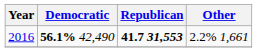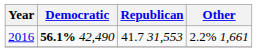 <table class="wikitable" style="float:center; margin:1em; font-size:95%;">
 <tr>
 <th>Year</th>
 <th><a href='#'>Democratic</a></th>
 <th><a href='#'>Republican</a></th>
 <th><a href='#'>Other</a></th>
 </tr>
 <tr>
 <td align="center" ><a href='#'>2016</a></td>
 <td align="center" ><strong>56.1%</strong> <em>42,490</em></td>
-<td align="center" ><strong>41.7 <em>31,553</em></strong></td>
+<td align="center" >41.7 <em>31,553</em></td>
 <td align="center" >2.2% <em>1,661</em></td>
 </tr>
 <tr>
 </tr>
 </table>
